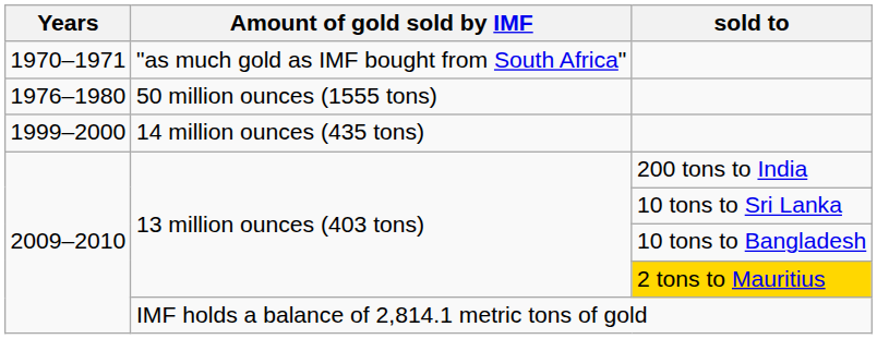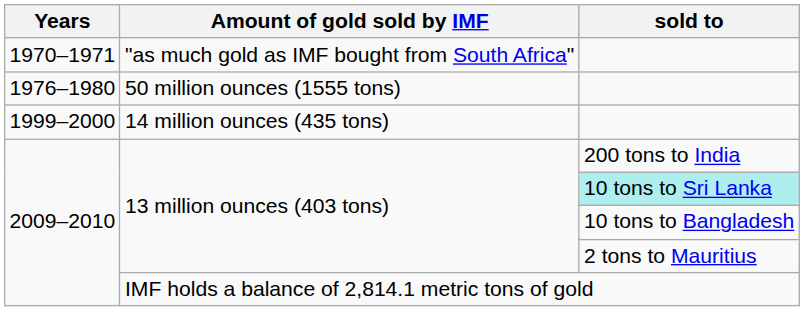 <table class="wikitable">
 <tr>
 <th>Years</th>
 <th>Amount of gold sold by <a href='#'>IMF</a></th>
 <th>sold to</th>
 </tr>
 <tr>
 <td>1970–1971</td>
 <td>"as much gold as IMF bought from <a href='#'>South Africa</a>"</td>
 <td></td>
 </tr>
 <tr>
 <td>1976–1980</td>
 <td>50 million ounces (1555 tons)</td>
 <td></td>
 </tr>
 <tr>
 <td>1999–2000</td>
 <td>14 million ounces (435 tons)</td>
 <td></td>
 </tr>
 <tr>
 <td rowspan=5>2009–2010</td>
 <td rowspan=4>13 million ounces (403 tons)</td>
 <td>200 tons to <a href='#'>India</a></td>
 </tr>
 <tr>
-<td>10 tons to <a href='#'>Sri Lanka</a></td>
+<td style="background: paleturquoise;">10 tons to <a href='#'>Sri Lanka</a></td>
 </tr>
 <tr>
 <td>10 tons to <a href='#'>Bangladesh</a></td>
 </tr>
 <tr>
-<td style="background: gold;">2 tons to <a href='#'>Mauritius</a></td>
+<td>2 tons to <a href='#'>Mauritius</a></td>
 </tr>
 <tr>
 <td colspan=2>IMF holds a balance of 2,814.1 metric tons of gold</td>
 </tr>
 </table>
